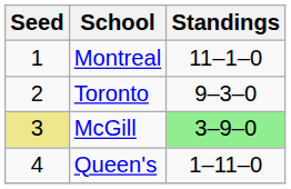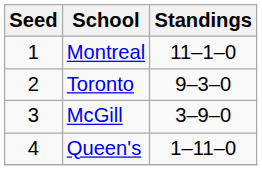 <table class="wikitable">
 <tr>
 <th>Seed</th>
 <th>School</th>
 <th>Standings</th>
 </tr>
 <tr>
 <td align=center>1</td>
 <td><a href='#'>Montreal</a></td>
 <td align=center>11–1–0</td>
 </tr>
 <tr>
 <td align=center>2</td>
 <td><a href='#'>Toronto</a></td>
 <td align=center>9–3–0</td>
 </tr>
 <tr>
-<td align=center style="background: khaki;">3</td>
+<td align=center>3</td>
 <td><a href='#'>McGill</a></td>
-<td align=center style="background: lightgreen;">3–9–0</td>
+<td align=center>3–9–0</td>
 </tr>
 <tr>
 <td align=center>4</td>
 <td><a href='#'>Queen's</a></td>
 <td align=center>1–11–0</td>
 </tr>
 <tr>
 </tr>
 </table>
